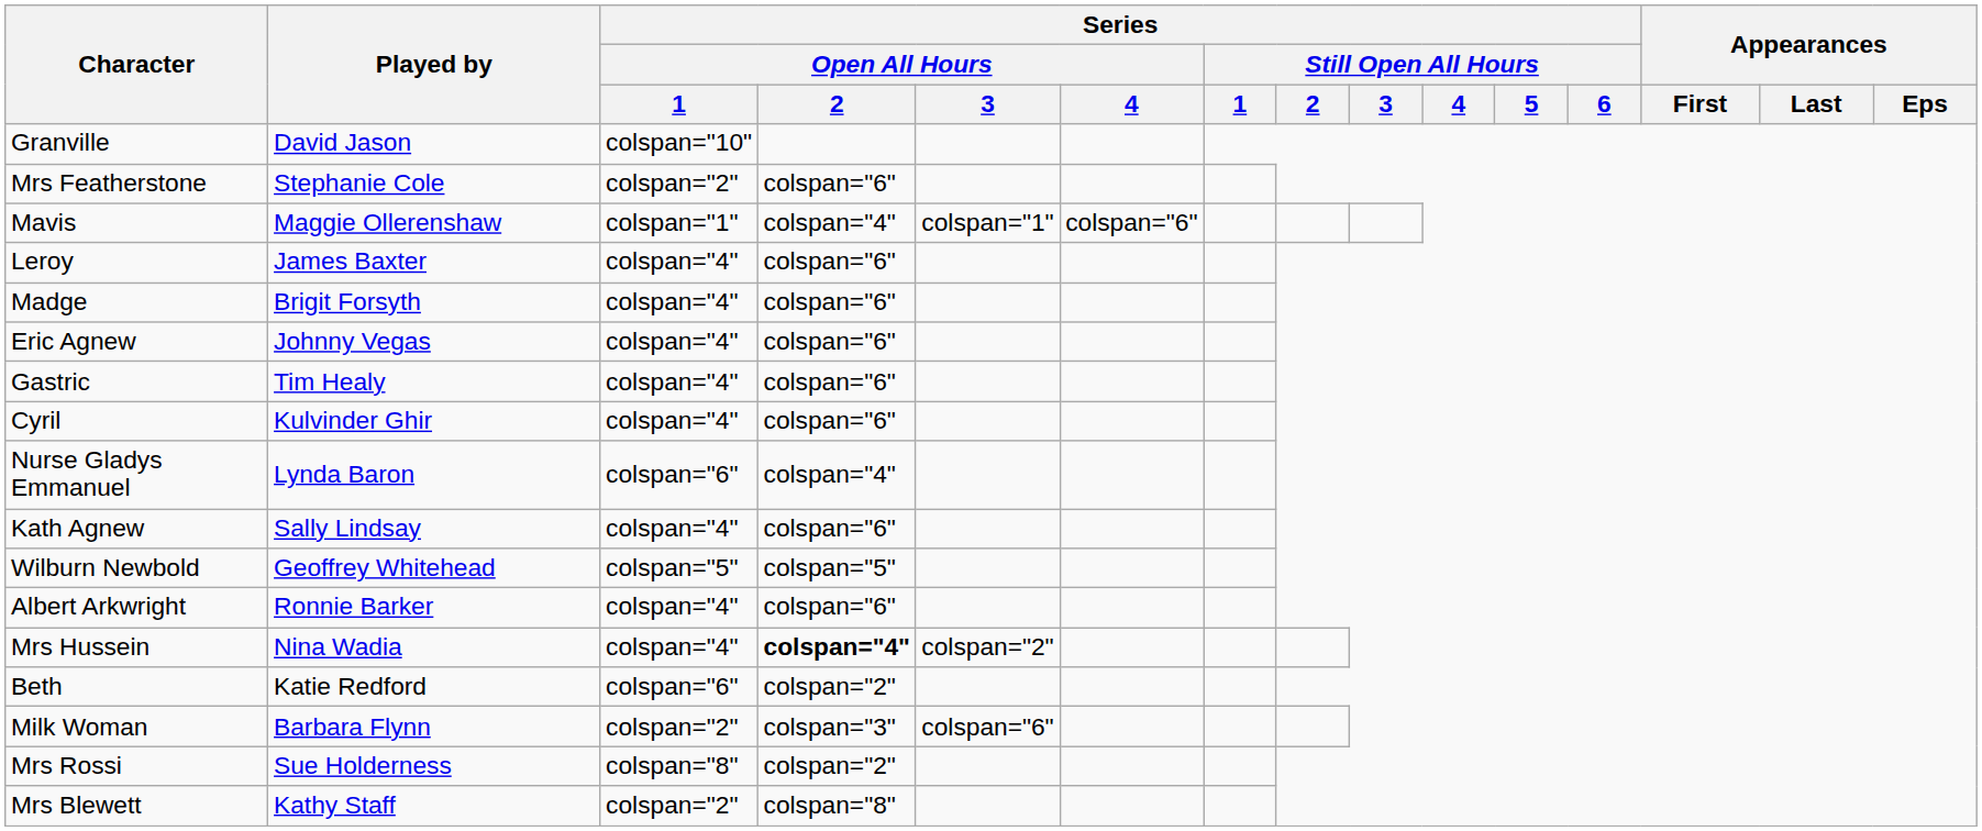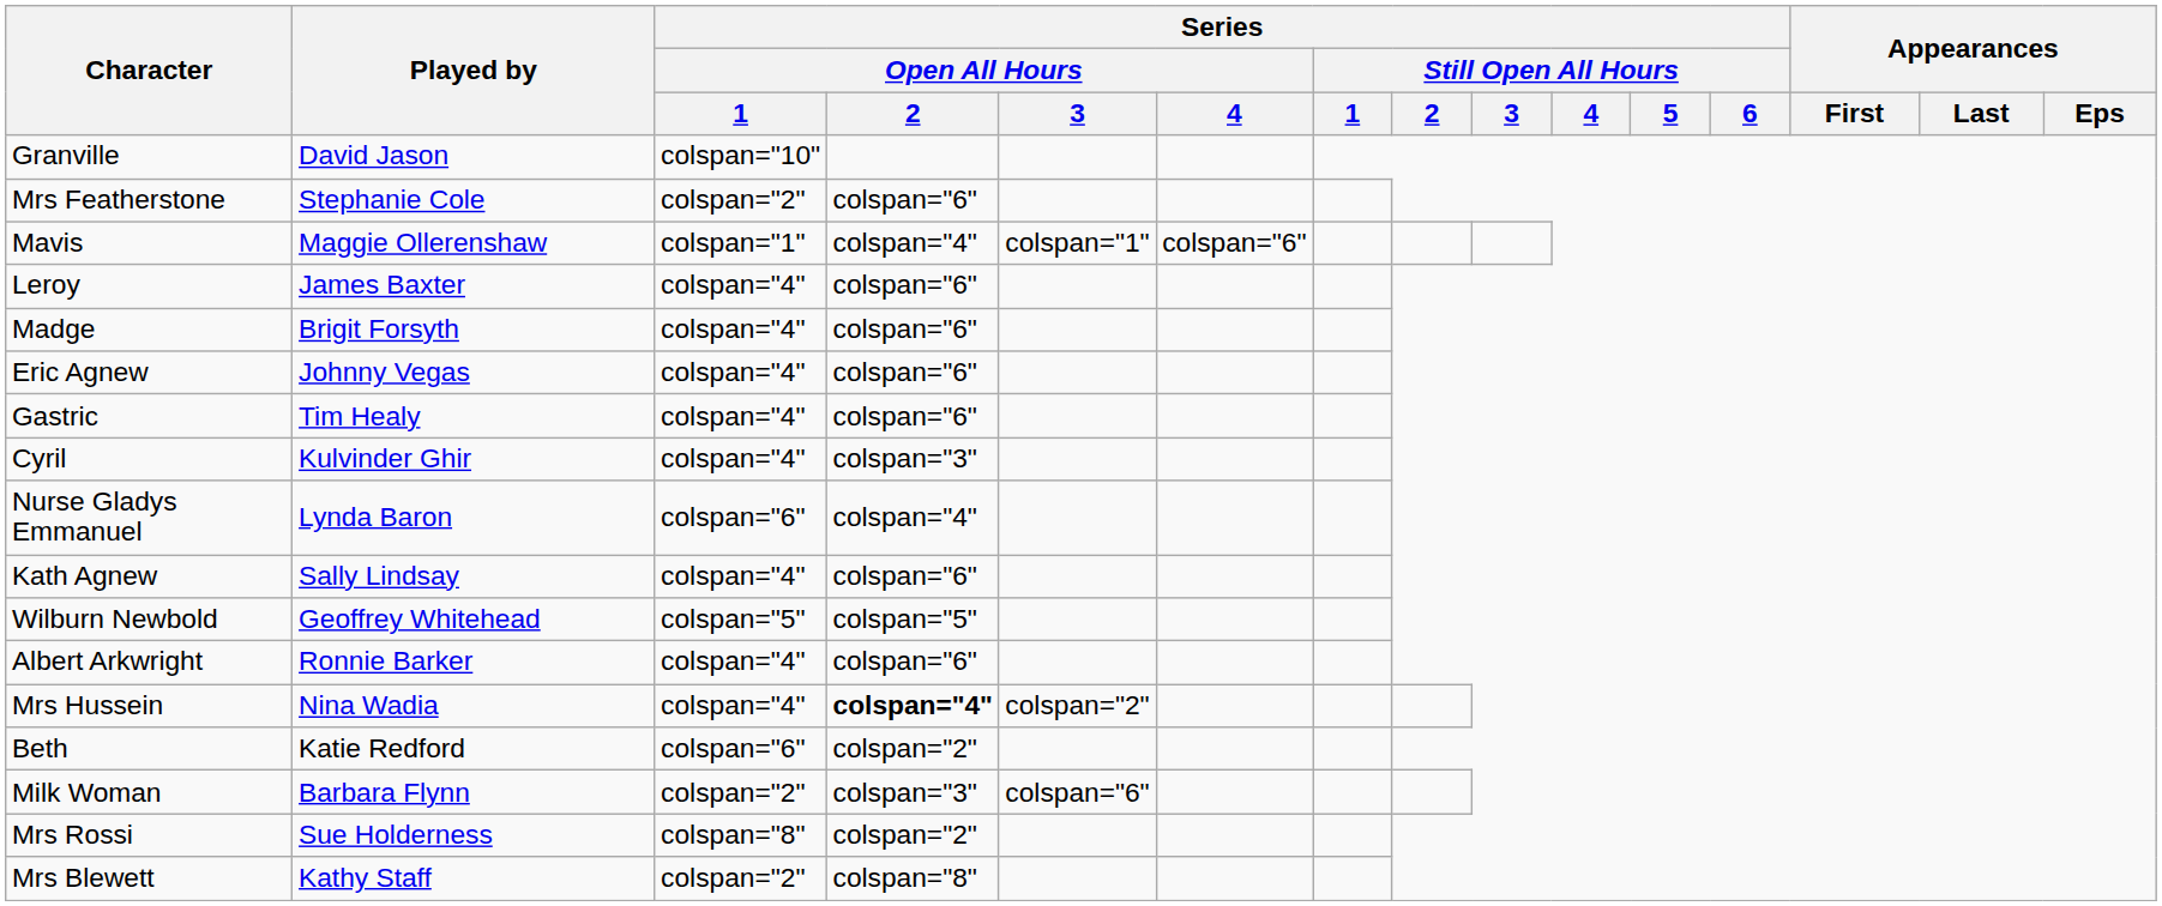 <table class="wikitable planrowheaders" style="width: 100%; margin-right: 0;">
 <tr>
 <th rowspan="3" width="14%">Character</th>
 <th rowspan="3" width="18%">Played by</th>
 <th colspan="10" width="50%">Series</th>
 <th colspan="3" rowspan="2" width="18%">Appearances</th>
 </tr>
 <tr>
 <th colspan="4"><em><a href='#'>Open All Hours</a></em></th>
 <th colspan="6"><em><a href='#'>Still Open All Hours</a></em></th>
 </tr>
 <tr>
 <th width="4%"><a href='#'>1</a></th>
 <th width="4%"><a href='#'>2</a></th>
 <th width="4%"><a href='#'>3</a></th>
 <th width="4%"><a href='#'>4</a></th>
 <th width="4%"><a href='#'>1</a></th>
 <th width="4%"><a href='#'>2</a></th>
 <th width="4%"><a href='#'>3</a></th>
 <th width="4%"><a href='#'>4</a></th>
 <th width="4%"><a href='#'>5</a></th>
 <th width="4%"><a href='#'>6</a></th>
 <th colspan="1">First</th>
 <th colspan="1">Last</th>
 <th colspan="1">Eps</th>
 </tr>
 <tr>
 <td>Granville</td>
 <td><a href='#'>David Jason</a></td>
 <td>colspan="10" </td>
 <td></td>
 <td></td>
 <td></td>
 </tr>
 <tr>
 <td>Mrs Featherstone</td>
 <td><a href='#'>Stephanie Cole</a></td>
 <td>colspan="2" </td>
 <td>colspan="6" </td>
 <td></td>
 <td></td>
 <td></td>
 </tr>
 <tr>
 <td>Mavis</td>
 <td><a href='#'>Maggie Ollerenshaw</a></td>
 <td>colspan="1" </td>
 <td>colspan="4" </td>
 <td>colspan="1" </td>
 <td>colspan="6" </td>
 <td></td>
 <td></td>
 <td></td>
 </tr>
 <tr>
 <td>Leroy</td>
 <td><a href='#'>James Baxter</a></td>
 <td>colspan="4" </td>
 <td>colspan="6" </td>
 <td></td>
 <td></td>
 <td></td>
 </tr>
 <tr>
 <td>Madge</td>
 <td><a href='#'>Brigit Forsyth</a></td>
 <td>colspan="4" </td>
 <td>colspan="6" </td>
 <td></td>
 <td></td>
 <td></td>
 </tr>
 <tr>
 <td>Eric Agnew</td>
 <td><a href='#'>Johnny Vegas</a></td>
 <td>colspan="4" </td>
 <td>colspan="6" </td>
 <td></td>
 <td></td>
 <td></td>
 </tr>
 <tr>
 <td>Gastric</td>
 <td><a href='#'>Tim Healy</a></td>
 <td>colspan="4" </td>
 <td>colspan="6" </td>
 <td></td>
 <td></td>
 <td></td>
 </tr>
 <tr>
 <td>Cyril</td>
 <td><a href='#'>Kulvinder Ghir</a></td>
 <td>colspan="4" </td>
-<td>colspan="6" </td>
+<td>colspan="3" </td>
 <td></td>
 <td></td>
 <td></td>
 </tr>
 <tr>
 <td>Nurse Gladys Emmanuel</td>
 <td><a href='#'>Lynda Baron</a></td>
 <td>colspan="6" </td>
 <td>colspan="4" </td>
 <td></td>
 <td></td>
 <td></td>
 </tr>
 <tr>
 <td>Kath Agnew</td>
 <td><a href='#'>Sally Lindsay</a></td>
 <td>colspan="4" </td>
 <td>colspan="6" </td>
 <td></td>
 <td></td>
 <td></td>
 </tr>
 <tr>
 <td>Wilburn Newbold</td>
 <td><a href='#'>Geoffrey Whitehead</a></td>
 <td>colspan="5" </td>
 <td>colspan="5" </td>
 <td></td>
 <td></td>
 <td></td>
 </tr>
 <tr>
 <td>Albert Arkwright</td>
 <td><a href='#'>Ronnie Barker</a></td>
 <td>colspan="4" </td>
 <td>colspan="6" </td>
 <td></td>
 <td></td>
 <td></td>
 </tr>
 <tr>
 <td>Mrs Hussein</td>
 <td><a href='#'>Nina Wadia</a></td>
 <td>colspan="4" </td>
 <td><strong>colspan="4" </strong></td>
 <td>colspan="2" </td>
 <td></td>
 <td></td>
 <td></td>
 </tr>
 <tr>
 <td>Beth</td>
 <td>Katie Redford</td>
 <td>colspan="6" </td>
 <td>colspan="2" </td>
 <td></td>
 <td></td>
 <td></td>
 </tr>
 <tr>
 <td>Milk Woman</td>
 <td><a href='#'>Barbara Flynn</a></td>
 <td>colspan="2" </td>
 <td>colspan="3" </td>
 <td>colspan="6" </td>
 <td></td>
 <td></td>
 <td></td>
 </tr>
 <tr>
 <td>Mrs Rossi</td>
 <td><a href='#'>Sue Holderness</a></td>
 <td>colspan="8" </td>
 <td>colspan="2" </td>
 <td></td>
 <td></td>
 <td></td>
 </tr>
 <tr>
 <td>Mrs Blewett</td>
 <td><a href='#'>Kathy Staff</a></td>
 <td>colspan="2" </td>
 <td>colspan="8" </td>
 <td></td>
 <td></td>
 <td></td>
 </tr>
 <tr>
 </tr>
 </table>
